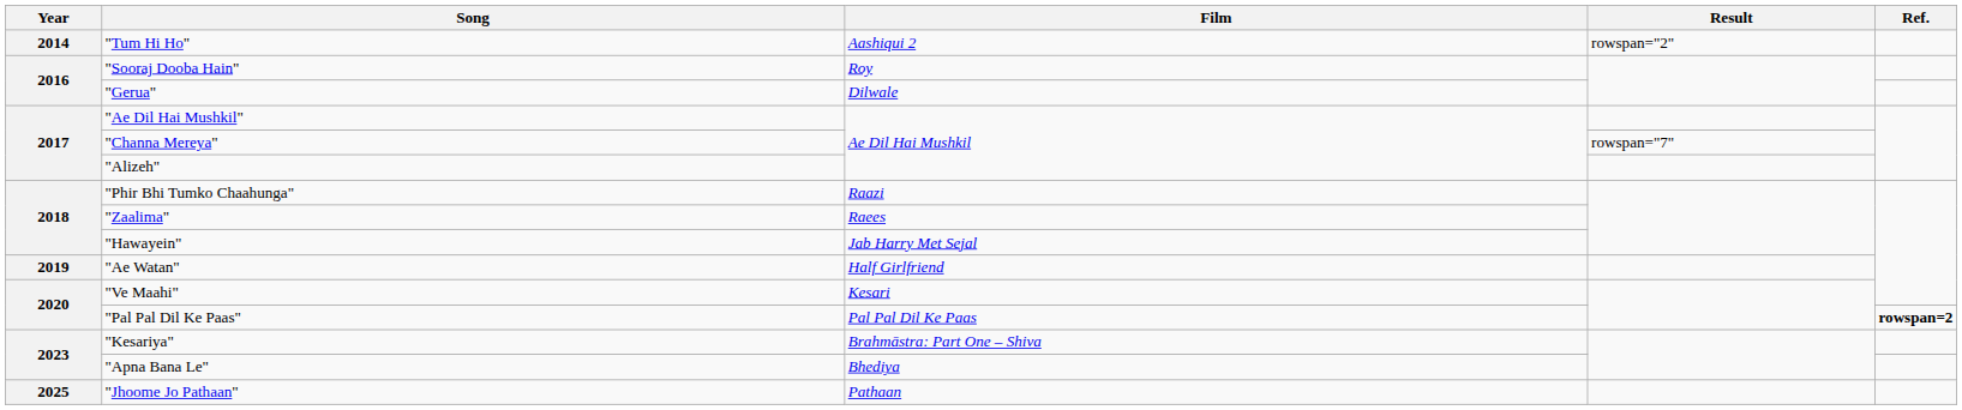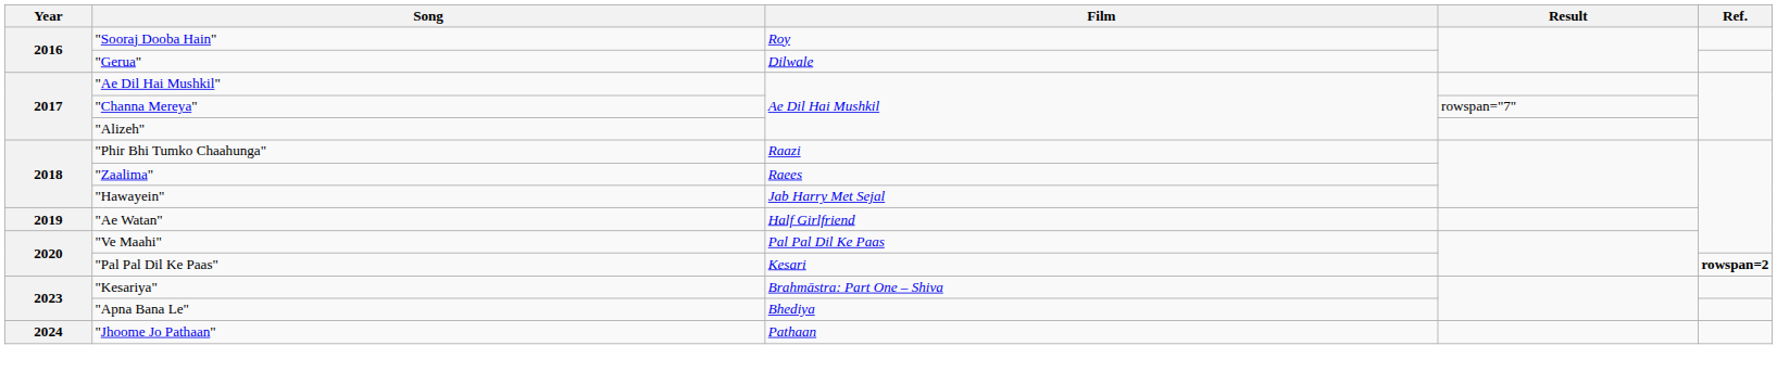 <table class="wikitable plainrowheaders" width="100%" "textcolor:#000;">
 <tr>
 <th scope="col" width=5%><strong>Year</strong></th>
 <th scope="col" width=39%><strong>Song</strong></th>
 <th scope="col" width=39%><strong>Film</strong></th>
 <th scope="col" width=15%><strong>Result</strong></th>
 <th scope="col" width=2%><strong>Ref.</strong></th>
-</tr>
-<tr>
-<th scope="row">2014</th>
-<td>"<a href='#'>Tum Hi Ho</a>"</td>
-<td><em><a href='#'>Aashiqui 2</a></em></td>
-<td>rowspan="2" </td>
-<td></td>
 </tr>
 <tr>
 <th scope="row" rowspan="2">2016</th>
 <td>"<a href='#'>Sooraj Dooba Hain</a>"</td>
 <td><em><a href='#'>Roy</a></em></td>
 <td rowspan="2"></td>
 </tr>
 <tr>
 <td>"<a href='#'>Gerua</a>"</td>
 <td><em><a href='#'>Dilwale</a></em></td>
 <td></td>
 </tr>
 <tr>
 <th scope="row" rowspan="3">2017</th>
 <td>"<a href='#'>Ae Dil Hai Mushkil</a>"</td>
 <td rowspan="3"><em><a href='#'>Ae Dil Hai Mushkil</a></em></td>
 <td></td>
 <td rowspan="3"></td>
 </tr>
 <tr>
 <td>"<a href='#'>Channa Mereya</a>"</td>
 <td>rowspan="7" </td>
 </tr>
 <tr>
 <td>"Alizeh"</td>
 </tr>
 <tr>
 <th scope="row" rowspan="3">2018</th>
 <td>"Phir Bhi Tumko Chaahunga"</td>
 <td><em><a href='#'>Raazi</a></em></td>
 <td rowspan="3"></td>
 </tr>
 <tr>
 <td>"<a href='#'>Zaalima</a>"</td>
 <td><em><a href='#'>Raees</a></em></td>
 </tr>
 <tr>
 <td>"Hawayein"</td>
 <td><em><a href='#'>Jab Harry Met Sejal</a></em></td>
 </tr>
 <tr>
 <th scope="row">2019</th>
 <td>"Ae Watan"</td>
 <td><em><a href='#'>Half Girlfriend</a></em></td>
 <td></td>
 </tr>
 <tr>
 <th scope="row" rowspan="2">2020</th>
 <td>"Ve Maahi"</td>
-<td><em><a href='#'>Kesari</a></em></td>
+<td><em><a href='#'>Pal Pal Dil Ke Paas</a></em></td>
 <td rowspan="2"></td>
 </tr>
 <tr>
 <td>"Pal Pal Dil Ke Paas"</td>
-<td><em><a href='#'>Pal Pal Dil Ke Paas</a></em></td>
+<td><em><a href='#'>Kesari</a></em></td>
 <td><strong>rowspan=2 </strong></td>
 </tr>
 <tr>
 <th scope="row" rowspan="2">2023</th>
 <td>"Kesariya"</td>
 <td><em><a href='#'>Brahmāstra: Part One – Shiva</a></em></td>
 <td rowspan="2"></td>
 </tr>
 <tr>
 <td>"Apna Bana Le"</td>
 <td><em><a href='#'>Bhediya</a></em></td>
 <td></td>
 </tr>
 <tr>
-<th scope="row">2025</th>
+<th scope="row">2024</th>
 <td>"<a href='#'>Jhoome Jo Pathaan</a>"</td>
 <td><em><a href='#'>Pathaan</a></em></td>
 <td></td>
 <td></td>
 </tr>
 </table>
